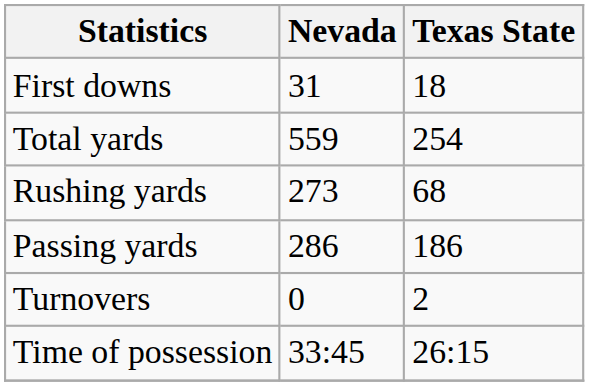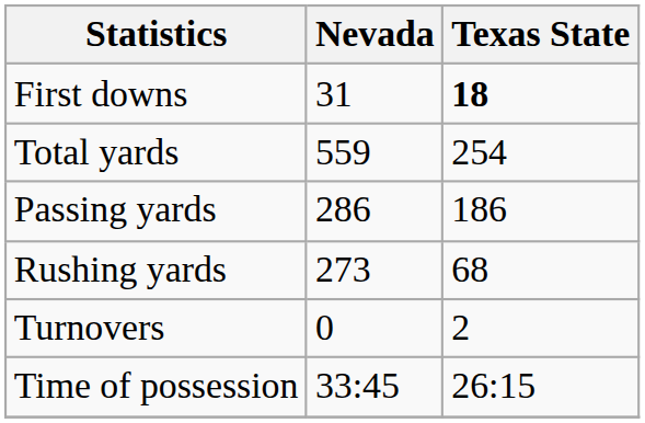 <table class="wikitable">
 <tr>
 <th>Statistics</th>
 <th>Nevada</th>
 <th>Texas State</th>
 </tr>
 <tr>
 <td>First downs</td>
 <td>31</td>
-<td>18</td>
+<td><strong>18</strong></td>
 </tr>
 <tr>
 <td>Total yards</td>
 <td>559</td>
 <td>254</td>
 </tr>
 <tr>
+<td>Passing yards</td>
+<td>286</td>
+<td>186</td>
+</tr>
+<tr>
 <td>Rushing yards</td>
 <td>273</td>
 <td>68</td>
-</tr>
-<tr>
-<td>Passing yards</td>
-<td>286</td>
-<td>186</td>
 </tr>
 <tr>
 <td>Turnovers</td>
 <td>0</td>
 <td>2</td>
 </tr>
 <tr>
 <td>Time of possession</td>
 <td>33:45</td>
 <td>26:15</td>
 </tr>
 <tr>
 </tr>
 </table>
